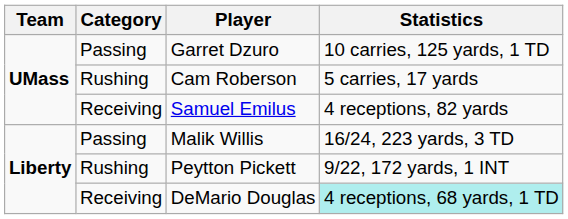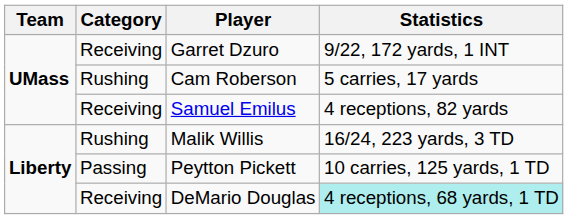 <table class="wikitable" style="float: left;">
 <tr>
 <th>Team</th>
 <th>Category</th>
 <th>Player</th>
 <th>Statistics</th>
 </tr>
 <tr>
 <td rowspan=3><strong>UMass</strong></td>
-<td>Passing</td>
+<td>Receiving</td>
 <td>Garret Dzuro</td>
-<td>10 carries, 125 yards, 1 TD</td>
+<td>9/22, 172 yards, 1 INT</td>
 </tr>
 <tr>
 <td>Rushing</td>
 <td>Cam Roberson</td>
 <td>5 carries, 17 yards</td>
 </tr>
 <tr>
 <td>Receiving</td>
 <td><a href='#'>Samuel Emilus</a></td>
 <td>4 receptions, 82 yards</td>
 </tr>
 <tr>
 <td rowspan=3><strong>Liberty</strong></td>
-<td>Passing</td>
+<td>Rushing</td>
 <td>Malik Willis</td>
 <td>16/24, 223 yards, 3 TD</td>
 </tr>
 <tr>
-<td>Rushing</td>
+<td>Passing</td>
 <td>Peytton Pickett</td>
-<td>9/22, 172 yards, 1 INT</td>
+<td>10 carries, 125 yards, 1 TD</td>
 </tr>
 <tr>
 <td>Receiving</td>
 <td>DeMario Douglas</td>
 <td style="background: paleturquoise;">4 receptions, 68 yards, 1 TD</td>
 </tr>
 </table>
